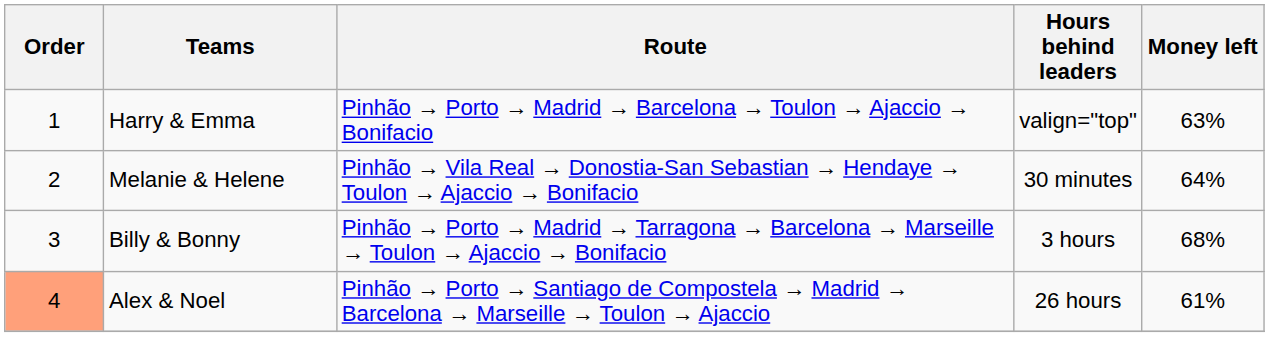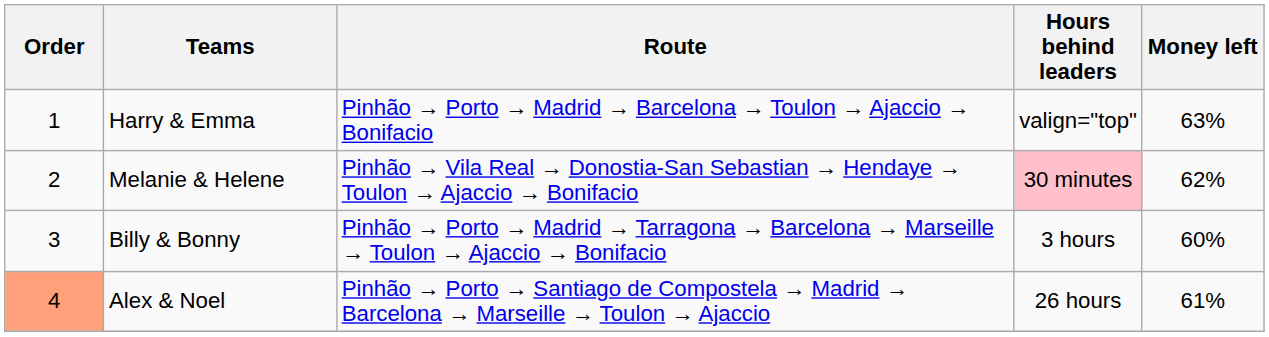 <table class="wikitable sortable" style="text-align:center">
 <tr>
 <th style="width:4em">Order</th>
 <th style="width:10em">Teams</th>
 <th style="width:30em">Route</th>
 <th style="width:5em">Hours behind leaders</th>
 <th style="width:5em">Money left</th>
 </tr>
 <tr>
 <td>1</td>
 <td style="text-align:left">Harry & Emma</td>
 <td style="text-align:left"><a href='#'>Pinhão</a>  → <a href='#'>Porto</a>   → <a href='#'>Madrid</a>  → <a href='#'>Barcelona</a>   → <a href='#'>Toulon</a>  → <a href='#'>Ajaccio</a>  → <a href='#'>Bonifacio</a></td>
 <td>valign="top" </td>
 <td>63%</td>
 </tr>
 <tr>
 <td>2</td>
 <td style="text-align:left">Melanie & Helene</td>
 <td style="text-align:left"><a href='#'>Pinhão</a>   → <a href='#'>Vila Real</a>  → <a href='#'>Donostia-San Sebastian</a>  → <a href='#'>Hendaye</a>    → <a href='#'>Toulon</a>  → <a href='#'>Ajaccio</a>  → <a href='#'>Bonifacio</a></td>
-<td>30 minutes</td>
-<td>64%</td>
+<td style="background: pink;">30 minutes</td>
+<td>62%</td>
 </tr>
 <tr>
 <td>3</td>
 <td style="text-align:left">Billy & Bonny</td>
 <td style="text-align:left"><a href='#'>Pinhão</a>   → <a href='#'>Porto</a>  → <a href='#'>Madrid</a>  → <a href='#'>Tarragona</a>  → <a href='#'>Barcelona</a>  → <a href='#'>Marseille</a>  → <a href='#'>Toulon</a>  → <a href='#'>Ajaccio</a>    → <a href='#'>Bonifacio</a></td>
 <td>3 hours</td>
-<td>68%</td>
+<td>60%</td>
 </tr>
 <tr>
 <td style="background: lightsalmon;">4</td>
 <td style="text-align:left">Alex & Noel</td>
 <td style="text-align:left"><a href='#'>Pinhão</a>   → <a href='#'>Porto</a>  → <a href='#'>Santiago de Compostela</a>  → <a href='#'>Madrid</a> → <a href='#'>Barcelona</a>  → <a href='#'>Marseille</a> → <a href='#'>Toulon</a>  → <a href='#'>Ajaccio</a></td>
 <td>26 hours</td>
 <td>61%</td>
 </tr>
 <tr>
 </tr>
 </table>
